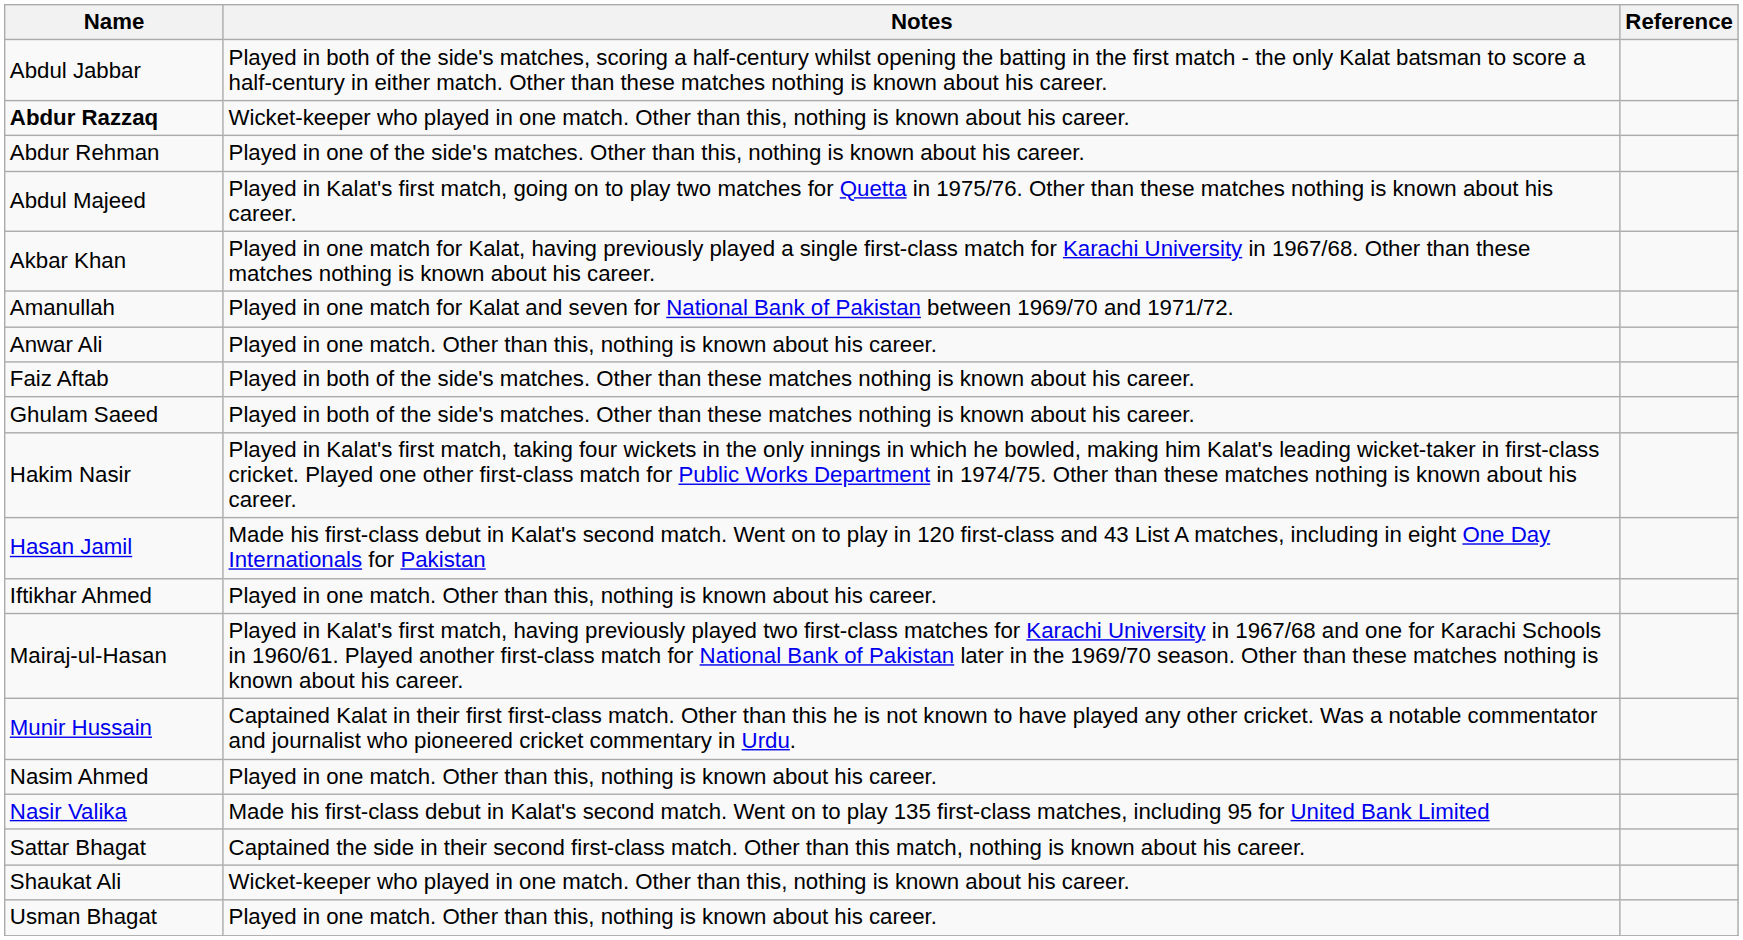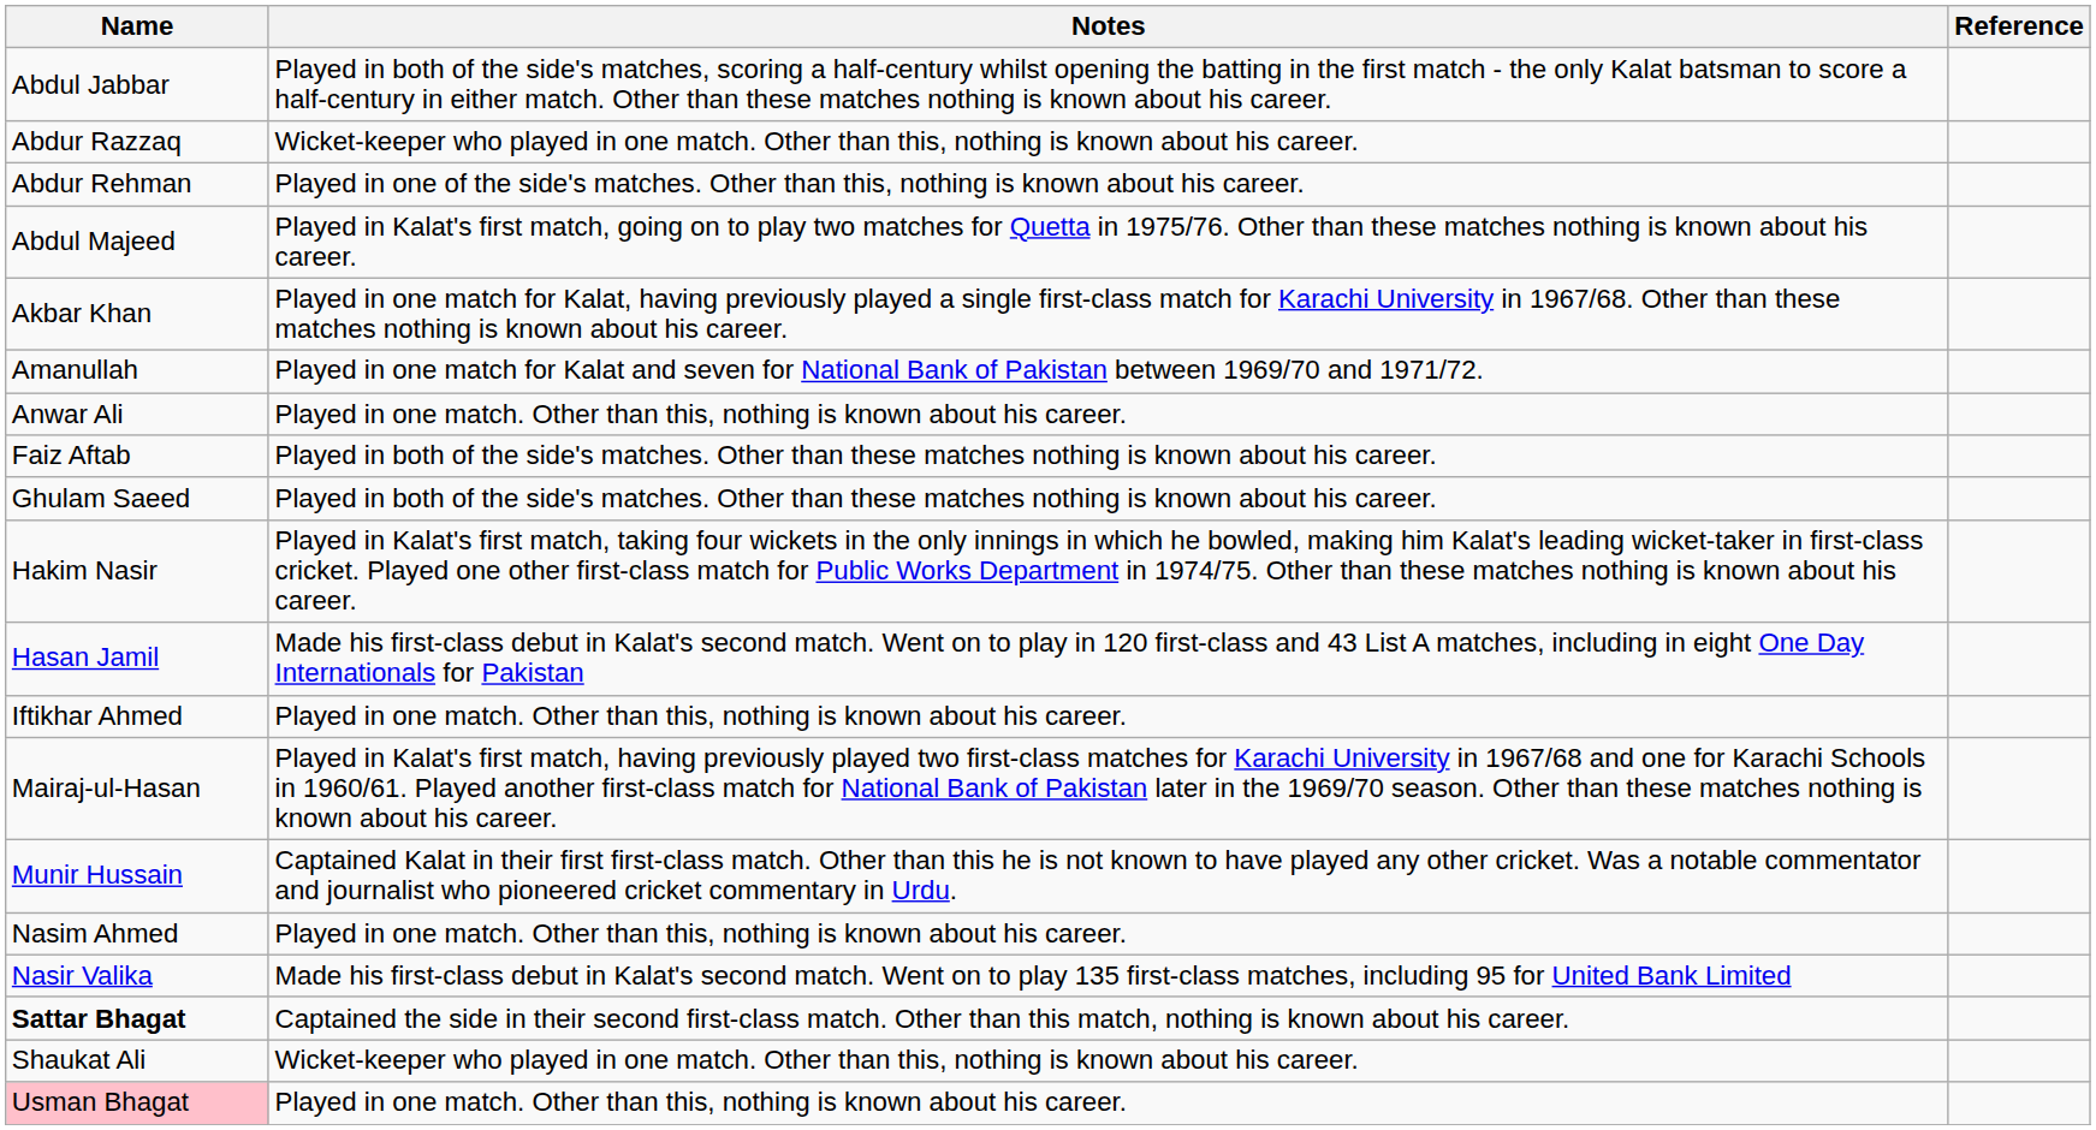 <table class="wikitable">
 <tr>
 <th style="width:150px">Name</th>
 <th>Notes</th>
 <th>Reference</th>
 </tr>
 <tr>
 <td>Abdul Jabbar</td>
 <td>Played in both of the side's matches, scoring a half-century whilst opening the batting in the first match - the only Kalat batsman to score a half-century in either match. Other than these matches nothing is known about his career.</td>
 <td></td>
 </tr>
 <tr>
-<td><strong>Abdur Razzaq</strong></td>
+<td>Abdur Razzaq</td>
 <td>Wicket-keeper who played in one match. Other than this, nothing is known about his career.</td>
 <td></td>
 </tr>
 <tr>
 <td>Abdur Rehman</td>
 <td>Played in one of the side's matches. Other than this, nothing is known about his career.</td>
 <td></td>
 </tr>
 <tr>
 <td>Abdul Majeed</td>
 <td>Played in Kalat's first match, going on to play two matches for <a href='#'>Quetta</a> in 1975/76. Other than these matches nothing is known about his career.</td>
 <td></td>
 </tr>
 <tr>
 <td>Akbar Khan</td>
 <td>Played in one match for Kalat, having previously played a single first-class match for <a href='#'>Karachi University</a> in 1967/68. Other than these matches nothing is known about his career.</td>
 <td></td>
 </tr>
 <tr>
 <td>Amanullah</td>
 <td>Played in one match for Kalat and seven for <a href='#'>National Bank of Pakistan</a> between 1969/70 and 1971/72.</td>
 <td></td>
 </tr>
 <tr>
 <td>Anwar Ali</td>
 <td>Played in one match. Other than this, nothing is known about his career.</td>
 <td></td>
 </tr>
 <tr>
 <td>Faiz Aftab</td>
 <td>Played in both of the side's matches. Other than these matches nothing is known about his career.</td>
 <td></td>
 </tr>
 <tr>
 <td>Ghulam Saeed</td>
 <td>Played in both of the side's matches. Other than these matches nothing is known about his career.</td>
 <td></td>
 </tr>
 <tr>
 <td>Hakim Nasir</td>
 <td>Played in Kalat's first match, taking four wickets in the only innings in which he bowled, making him Kalat's leading wicket-taker in first-class cricket. Played one other first-class match for <a href='#'>Public Works Department</a> in 1974/75. Other than these matches nothing is known about his career.</td>
 <td></td>
 </tr>
 <tr>
 <td><a href='#'>Hasan Jamil</a></td>
 <td>Made his first-class debut in Kalat's second match. Went on to play in 120 first-class and 43 List A matches, including in eight <a href='#'>One Day Internationals</a> for <a href='#'>Pakistan</a></td>
 <td></td>
 </tr>
 <tr>
 <td>Iftikhar Ahmed</td>
 <td>Played in one match. Other than this, nothing is known about his career.</td>
 <td></td>
 </tr>
 <tr>
 <td>Mairaj-ul-Hasan</td>
 <td>Played in Kalat's first match, having previously played two first-class matches for <a href='#'>Karachi University</a> in 1967/68 and one for Karachi Schools in 1960/61. Played another first-class match for <a href='#'>National Bank of Pakistan</a> later in the 1969/70 season. Other than these matches nothing is known about his career.</td>
 <td></td>
 </tr>
 <tr>
 <td><a href='#'>Munir Hussain</a></td>
 <td>Captained Kalat in their first first-class match. Other than this he is not known to have played any other cricket. Was a notable commentator and journalist who pioneered cricket commentary in <a href='#'>Urdu</a>.</td>
 <td></td>
 </tr>
 <tr>
 <td>Nasim Ahmed</td>
 <td>Played in one match. Other than this, nothing is known about his career.</td>
 <td></td>
 </tr>
 <tr>
 <td><a href='#'>Nasir Valika</a></td>
 <td>Made his first-class debut in Kalat's second match. Went on to play 135 first-class matches, including 95 for <a href='#'>United Bank Limited</a></td>
 <td></td>
 </tr>
 <tr>
-<td>Sattar Bhagat</td>
+<td><strong>Sattar Bhagat</strong></td>
 <td>Captained the side in their second first-class match. Other than this match, nothing is known about his career.</td>
 <td></td>
 </tr>
 <tr>
 <td>Shaukat Ali</td>
 <td>Wicket-keeper who played in one match. Other than this, nothing is known about his career.</td>
 <td></td>
 </tr>
 <tr>
-<td>Usman Bhagat</td>
+<td style="background: pink;">Usman Bhagat</td>
 <td>Played in one match. Other than this, nothing is known about his career.</td>
 <td></td>
 </tr>
 <tr>
 </tr>
 </table>
